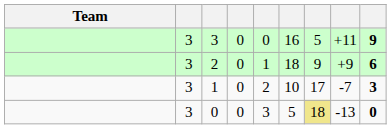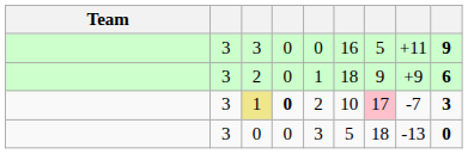 <table class="wikitable" style="text-align: center;">
 <tr>
 <th width="175">Team</th>
 <th width="20"></th>
 <th width="20"></th>
 <th width="20"></th>
 <th width="20"></th>
 <th width="20"></th>
 <th width="20"></th>
 <th width="20"></th>
 <th width="20"></th>
 </tr>
 <tr align=center bgcolor=#ccffcc>
 <td style="text-align:left;"></td>
 <td>3</td>
 <td>3</td>
 <td>0</td>
 <td>0</td>
 <td>16</td>
 <td>5</td>
 <td>+11</td>
 <td><strong>9</strong></td>
 </tr>
 <tr align=center bgcolor=#ccffcc>
 <td style="text-align:left;"></td>
 <td>3</td>
 <td>2</td>
 <td>0</td>
 <td>1</td>
 <td>18</td>
 <td>9</td>
 <td>+9</td>
 <td><strong>6</strong></td>
 </tr>
 <tr>
 <td style="text-align:left;"></td>
 <td>3</td>
-<td>1</td>
-<td>0</td>
+<td style="background: khaki;">1</td>
+<td><strong>0</strong></td>
 <td>2</td>
 <td>10</td>
-<td>17</td>
+<td style="background: pink;">17</td>
 <td>-7</td>
 <td><strong>3</strong></td>
 </tr>
 <tr>
 <td style="text-align:left;"></td>
 <td>3</td>
 <td>0</td>
 <td>0</td>
 <td>3</td>
 <td>5</td>
-<td style="background: khaki;">18</td>
+<td>18</td>
 <td>-13</td>
 <td><strong>0</strong></td>
 </tr>
 </table>
